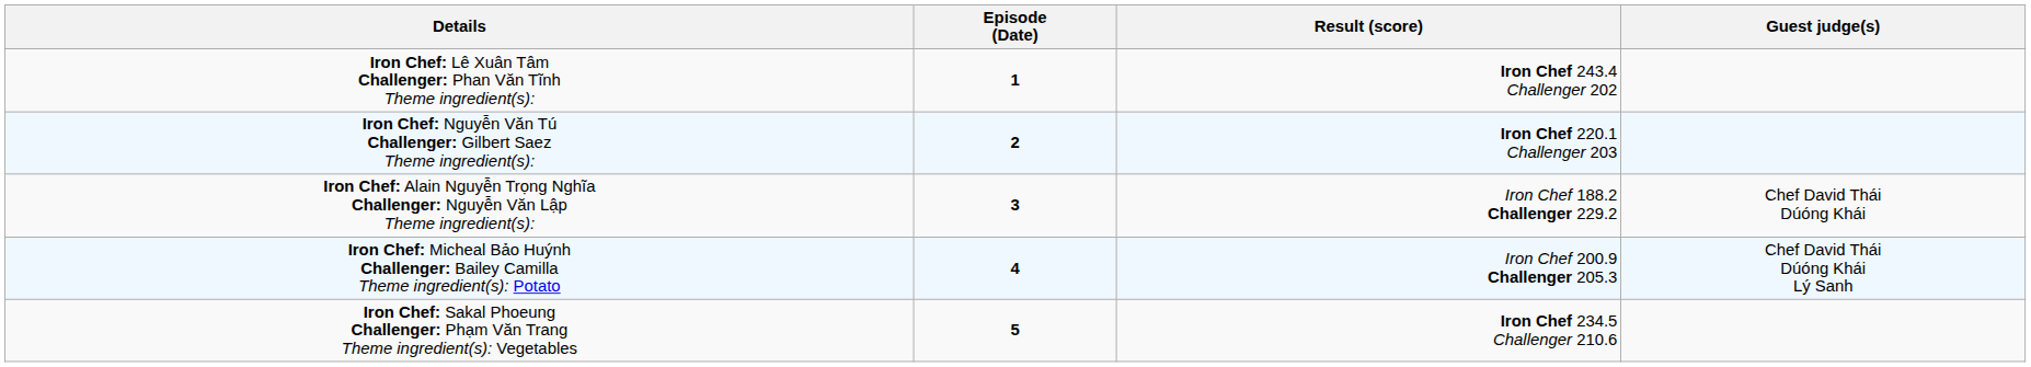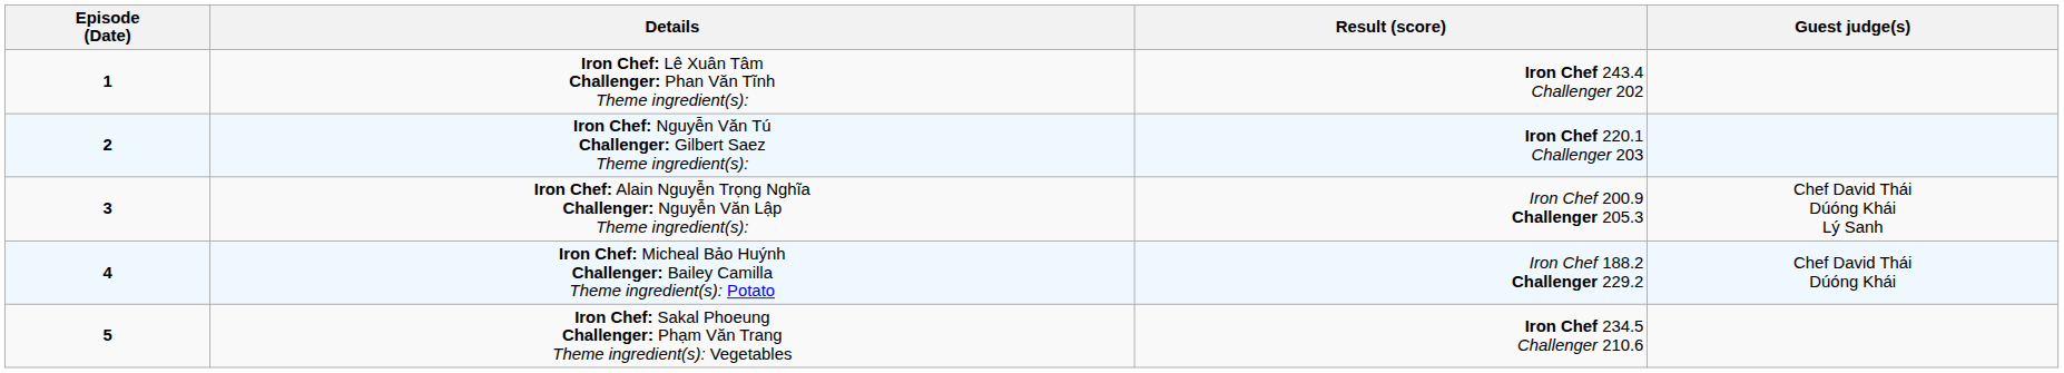 <table class="wikitable au" style="width: 100%; text-align: center;">
 <tr>
+<th width=10%>Episode<br> (Date)</th>
 <th width=45%>Details</th>
-<th width=10%>Episode<br> (Date)</th>
 <th width=25%>Result (score)</th>
 <th width=20%>Guest judge(s)</th>
 </tr>
 <tr>
+<td align="center"><strong>1</strong><br> </td>
 <td><strong>Iron Chef:</strong> Lê Xuân Tâm <br> <strong>Challenger:</strong> Phan Văn Tĩnh <br> <em>Theme ingredient(s):</em></td>
-<td align="center"><strong>1</strong><br> </td>
 <td align=right><strong>Iron Chef</strong>  243.4<br> <em>Challenger</em>  202</td>
 <td></td>
 </tr>
 <tr bgcolor="#F0F8FF">
+<td align="center"><strong>2</strong><br> </td>
 <td><strong>Iron Chef:</strong> Nguyễn Vǎn Tú <br> <strong>Challenger:</strong> Gilbert Saez<br><em>Theme ingredient(s):</em></td>
-<td align="center"><strong>2</strong><br> </td>
 <td align=right><strong>Iron Chef</strong>  220.1<br> <em>Challenger</em>  203</td>
 <td></td>
 </tr>
 <tr>
+<td align="center"><strong>3</strong><br> </td>
 <td><strong>Iron Chef:</strong> Alain Nguyễn Trọng Nghĩa <br> <strong>Challenger:</strong> Nguyễn Văn Lập <br> <em>Theme ingredient(s):</em></td>
-<td align="center"><strong>3</strong><br> </td>
+<td align=right><em>Iron Chef</em>  200.9<br> <strong>Challenger</strong>  205.3</td>
+<td>Chef David Thái <br> Dúóng Khái <br> Lý Sanh</td>
+</tr>
+<tr bgcolor="#F0F8FF">
+<td align="center"><strong>4</strong><br> </td>
+<td><strong>Iron Chef:</strong> Micheal Bảo Huýnh <br> <strong>Challenger:</strong> Bailey Camilla<br><em>Theme ingredient(s):</em> <a href='#'>Potato</a></td>
 <td align=right><em>Iron Chef</em>  188.2<br> <strong>Challenger</strong>  229.2</td>
 <td>Chef David Thái <br> Dúóng Khái</td>
 </tr>
-<tr bgcolor="#F0F8FF">
-<td><strong>Iron Chef:</strong> Micheal Bảo Huýnh <br> <strong>Challenger:</strong> Bailey Camilla<br><em>Theme ingredient(s):</em> <a href='#'>Potato</a></td>
-<td align="center"><strong>4</strong><br> </td>
-<td align=right><em>Iron Chef</em>  200.9<br> <strong>Challenger</strong>  205.3</td>
-<td>Chef David Thái <br> Dúóng Khái <br> Lý Sanh</td>
-</tr>
 <tr>
+<td align="center"><strong>5</strong><br> </td>
 <td><strong>Iron Chef:</strong> Sakal Phoeung <br> <strong>Challenger:</strong> Phạm Văn Trang <br> <em>Theme ingredient(s):</em> Vegetables</td>
-<td align="center"><strong>5</strong><br> </td>
 <td align=right><strong>Iron Chef</strong>  234.5<br> <em>Challenger</em>  210.6</td>
 <td></td>
 </tr>
 </table>
